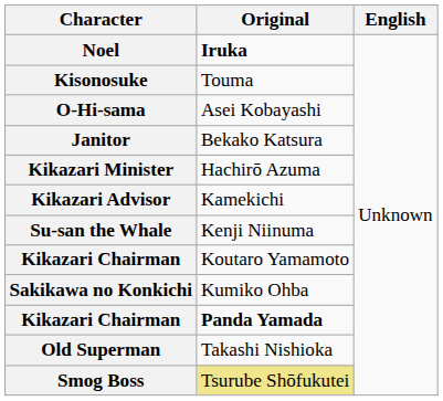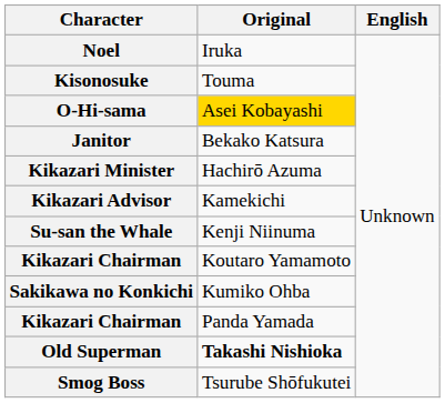 <table class="wikitable">
 <tr>
 <th>Character</th>
 <th>Original</th>
 <th>English</th>
 </tr>
 <tr>
 <th>Noel</th>
-<td><strong>Iruka</strong></td>
+<td>Iruka</td>
 <td rowspan="12">Unknown</td>
 </tr>
 <tr>
 <th>Kisonosuke</th>
 <td>Touma</td>
 </tr>
 <tr>
 <th>O-Hi-sama</th>
-<td>Asei Kobayashi</td>
+<td style="background: gold;">Asei Kobayashi</td>
 </tr>
 <tr>
 <th>Janitor</th>
 <td>Bekako Katsura</td>
 </tr>
 <tr>
 <th>Kikazari Minister</th>
 <td>Hachirō Azuma</td>
 </tr>
 <tr>
 <th>Kikazari Advisor</th>
 <td>Kamekichi</td>
 </tr>
 <tr>
 <th>Su-san the Whale</th>
 <td>Kenji Niinuma</td>
 </tr>
 <tr>
 <th>Kikazari Chairman</th>
 <td>Koutaro Yamamoto</td>
 </tr>
 <tr>
 <th>Sakikawa no Konkichi</th>
 <td>Kumiko Ohba</td>
 </tr>
 <tr>
 <th>Kikazari Chairman</th>
-<td><strong>Panda Yamada</strong></td>
+<td>Panda Yamada</td>
 </tr>
 <tr>
 <th>Old Superman</th>
-<td>Takashi Nishioka</td>
+<td><strong>Takashi Nishioka</strong></td>
 </tr>
 <tr>
 <th>Smog Boss</th>
-<td style="background: khaki;">Tsurube Shōfukutei</td>
+<td>Tsurube Shōfukutei</td>
 </tr>
 </table>
